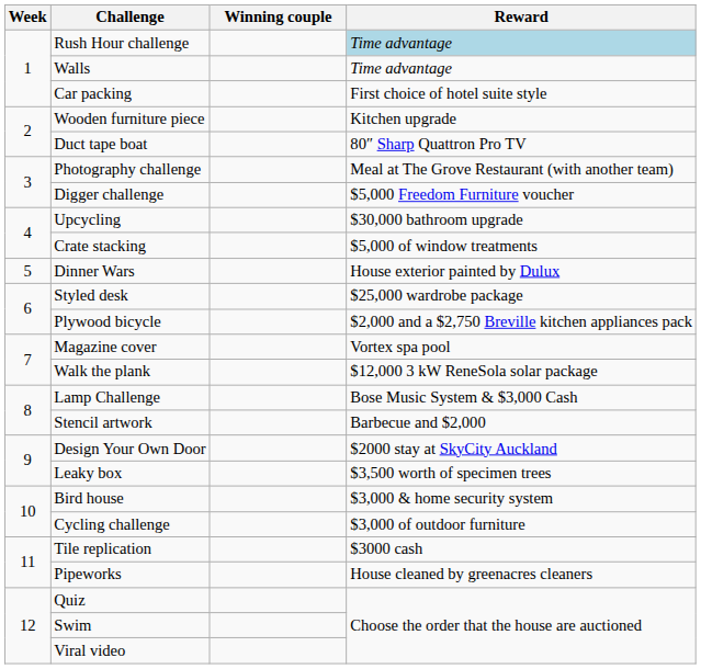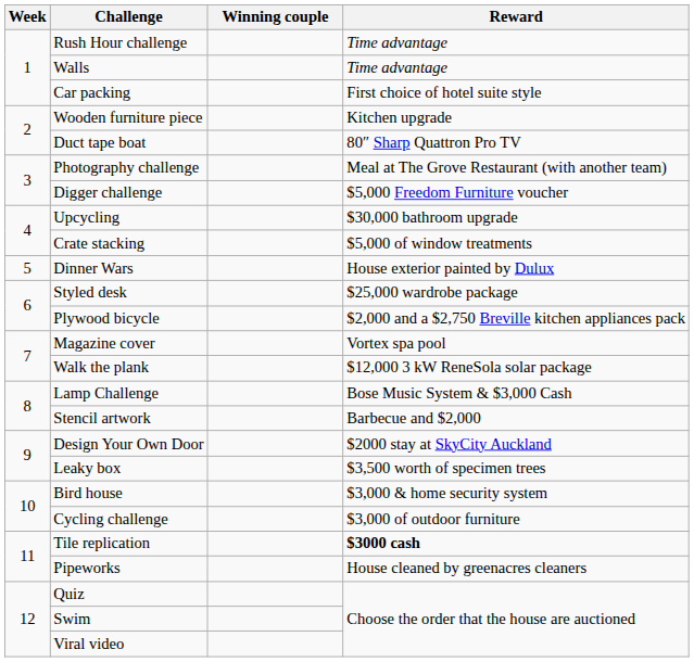 <table class="wikitable" |>
 <tr>
 <th width="30">Week</th>
 <th>Challenge</th>
 <th width="130">Winning couple</th>
 <th>Reward</th>
 </tr>
 <tr>
 <td rowspan="3" style="text-align:center;">1</td>
 <td>Rush Hour challenge</td>
 <td></td>
-<td style="background: lightblue;"><em>Time advantage</em></td>
+<td><em>Time advantage</em></td>
 </tr>
 <tr>
 <td>Walls</td>
 <td></td>
 <td><em>Time advantage</em></td>
 </tr>
 <tr>
 <td>Car packing</td>
 <td></td>
 <td>First choice of hotel suite style</td>
 </tr>
 <tr>
 <td rowspan="2" style="text-align:center;">2</td>
 <td>Wooden furniture piece</td>
 <td></td>
 <td>Kitchen upgrade</td>
 </tr>
 <tr>
 <td>Duct tape boat</td>
 <td></td>
 <td>80″ <a href='#'>Sharp</a> Quattron Pro TV</td>
 </tr>
 <tr>
 <td rowspan="2" style="text-align:center;">3</td>
 <td>Photography challenge</td>
 <td></td>
 <td>Meal at The Grove Restaurant (with another team)</td>
 </tr>
 <tr>
 <td>Digger challenge</td>
 <td></td>
 <td>$5,000 <a href='#'>Freedom Furniture</a> voucher</td>
 </tr>
 <tr>
 <td rowspan="2" style="text-align:center;">4</td>
 <td>Upcycling</td>
 <td></td>
 <td>$30,000 bathroom upgrade</td>
 </tr>
 <tr>
 <td>Crate stacking</td>
 <td></td>
 <td>$5,000 of window treatments</td>
 </tr>
 <tr>
 <td style="text-align:center;">5</td>
 <td>Dinner Wars</td>
 <td></td>
 <td>House exterior painted by <a href='#'>Dulux</a></td>
 </tr>
 <tr>
 <td rowspan="2" style="text-align:center;">6</td>
 <td>Styled desk</td>
 <td></td>
 <td>$25,000 wardrobe package</td>
 </tr>
 <tr>
 <td>Plywood bicycle</td>
 <td></td>
 <td>$2,000 and a $2,750 <a href='#'>Breville</a> kitchen appliances pack</td>
 </tr>
 <tr>
 <td rowspan="2" style="text-align:center;">7</td>
 <td>Magazine cover</td>
 <td></td>
 <td>Vortex spa pool</td>
 </tr>
 <tr>
 <td>Walk the plank</td>
 <td></td>
 <td>$12,000 3 kW ReneSola solar package</td>
 </tr>
 <tr>
 <td rowspan="2" style="text-align:center;">8</td>
 <td>Lamp Challenge</td>
 <td></td>
 <td>Bose Music System & $3,000 Cash</td>
 </tr>
 <tr>
 <td>Stencil artwork</td>
 <td></td>
 <td>Barbecue and $2,000</td>
 </tr>
 <tr>
 <td rowspan="2" style="text-align:center;">9</td>
 <td>Design Your Own Door</td>
 <td></td>
 <td>$2000 stay at <a href='#'>SkyCity Auckland</a></td>
 </tr>
 <tr>
 <td>Leaky box</td>
 <td></td>
 <td>$3,500 worth of specimen trees</td>
 </tr>
 <tr>
 <td rowspan="2" style="text-align:center;">10</td>
 <td>Bird house</td>
 <td></td>
 <td>$3,000 & home security system</td>
 </tr>
 <tr>
 <td>Cycling challenge</td>
 <td></td>
 <td>$3,000 of outdoor furniture</td>
 </tr>
 <tr>
 <td rowspan="2" style="text-align:center;">11</td>
 <td>Tile replication</td>
 <td></td>
-<td>$3000 cash</td>
+<td><strong>$3000 cash</strong></td>
 </tr>
 <tr>
 <td>Pipeworks</td>
 <td></td>
 <td>House cleaned by greenacres cleaners</td>
 </tr>
 <tr>
 <td rowspan="3" style="text-align:center;">12</td>
 <td>Quiz</td>
 <td></td>
 <td rowspan="3">Choose the order that the house are auctioned</td>
 </tr>
 <tr>
 <td>Swim</td>
 <td></td>
 </tr>
 <tr>
 <td>Viral video</td>
 <td></td>
 </tr>
 </table>
